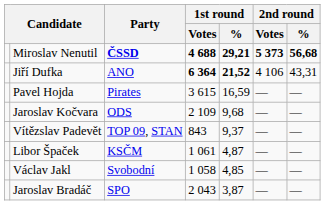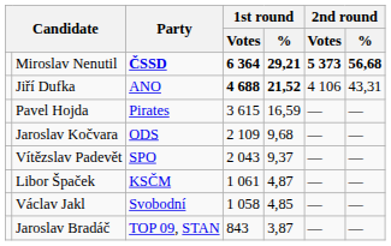 <table class="wikitable sortable">
 <tr>
 <th colspan="2" rowspan="2">Candidate</th>
 <th rowspan="2">Party</th>
 <th colspan="2">1st round</th>
 <th colspan="2">2nd round</th>
 </tr>
 <tr>
 <th>Votes</th>
 <th>%</th>
 <th>Votes</th>
 <th>%</th>
 </tr>
 <tr>
 <td style="background-color:"></td>
 <td>Miroslav Nenutil</td>
 <td><strong><a href='#'>ČSSD</a></strong></td>
-<td><strong>4 688</strong></td>
+<td><strong>6 364</strong></td>
 <td><strong>29,21</strong></td>
 <td><strong>5 373</strong></td>
 <td><strong>56,68</strong></td>
 </tr>
 <tr>
 <td style="background-color:"></td>
 <td>Jiří Dufka</td>
 <td><a href='#'>ANO</a></td>
-<td><strong>6 364</strong></td>
+<td><strong>4 688</strong></td>
 <td><strong>21,52</strong></td>
 <td>4 106</td>
 <td>43,31</td>
 </tr>
 <tr>
 <td style="background-color:"></td>
 <td>Pavel Hojda</td>
 <td><a href='#'>Pirates</a></td>
 <td>3 615</td>
 <td>16,59</td>
 <td>—</td>
 <td>—</td>
 </tr>
 <tr>
 <td style="background-color:"></td>
 <td>Jaroslav Kočvara</td>
 <td><a href='#'>ODS</a></td>
 <td>2 109</td>
 <td>9,68</td>
 <td>—</td>
 <td>—</td>
 </tr>
 <tr>
 <td style="background-color:"></td>
 <td>Vítězslav Padevět</td>
-<td><a href='#'>TOP 09</a>, <a href='#'>STAN</a></td>
-<td>843</td>
+<td><a href='#'>SPO</a></td>
+<td>2 043</td>
 <td>9,37</td>
 <td>—</td>
 <td>—</td>
 </tr>
 <tr>
 <td style="background-color:"></td>
 <td>Libor Špaček</td>
 <td><a href='#'>KSČM</a></td>
 <td>1 061</td>
 <td>4,87</td>
 <td>—</td>
 <td>—</td>
 </tr>
 <tr>
 <td style="background-color:"></td>
 <td>Václav Jakl</td>
 <td><a href='#'>Svobodní</a></td>
 <td>1 058</td>
 <td>4,85</td>
 <td>—</td>
 <td>—</td>
 </tr>
 <tr>
 <td style="background-color:"></td>
 <td>Jaroslav Bradáč</td>
-<td><a href='#'>SPO</a></td>
-<td>2 043</td>
+<td><a href='#'>TOP 09</a>, <a href='#'>STAN</a></td>
+<td>843</td>
 <td>3,87</td>
 <td>—</td>
 <td>—</td>
 </tr>
 </table>
